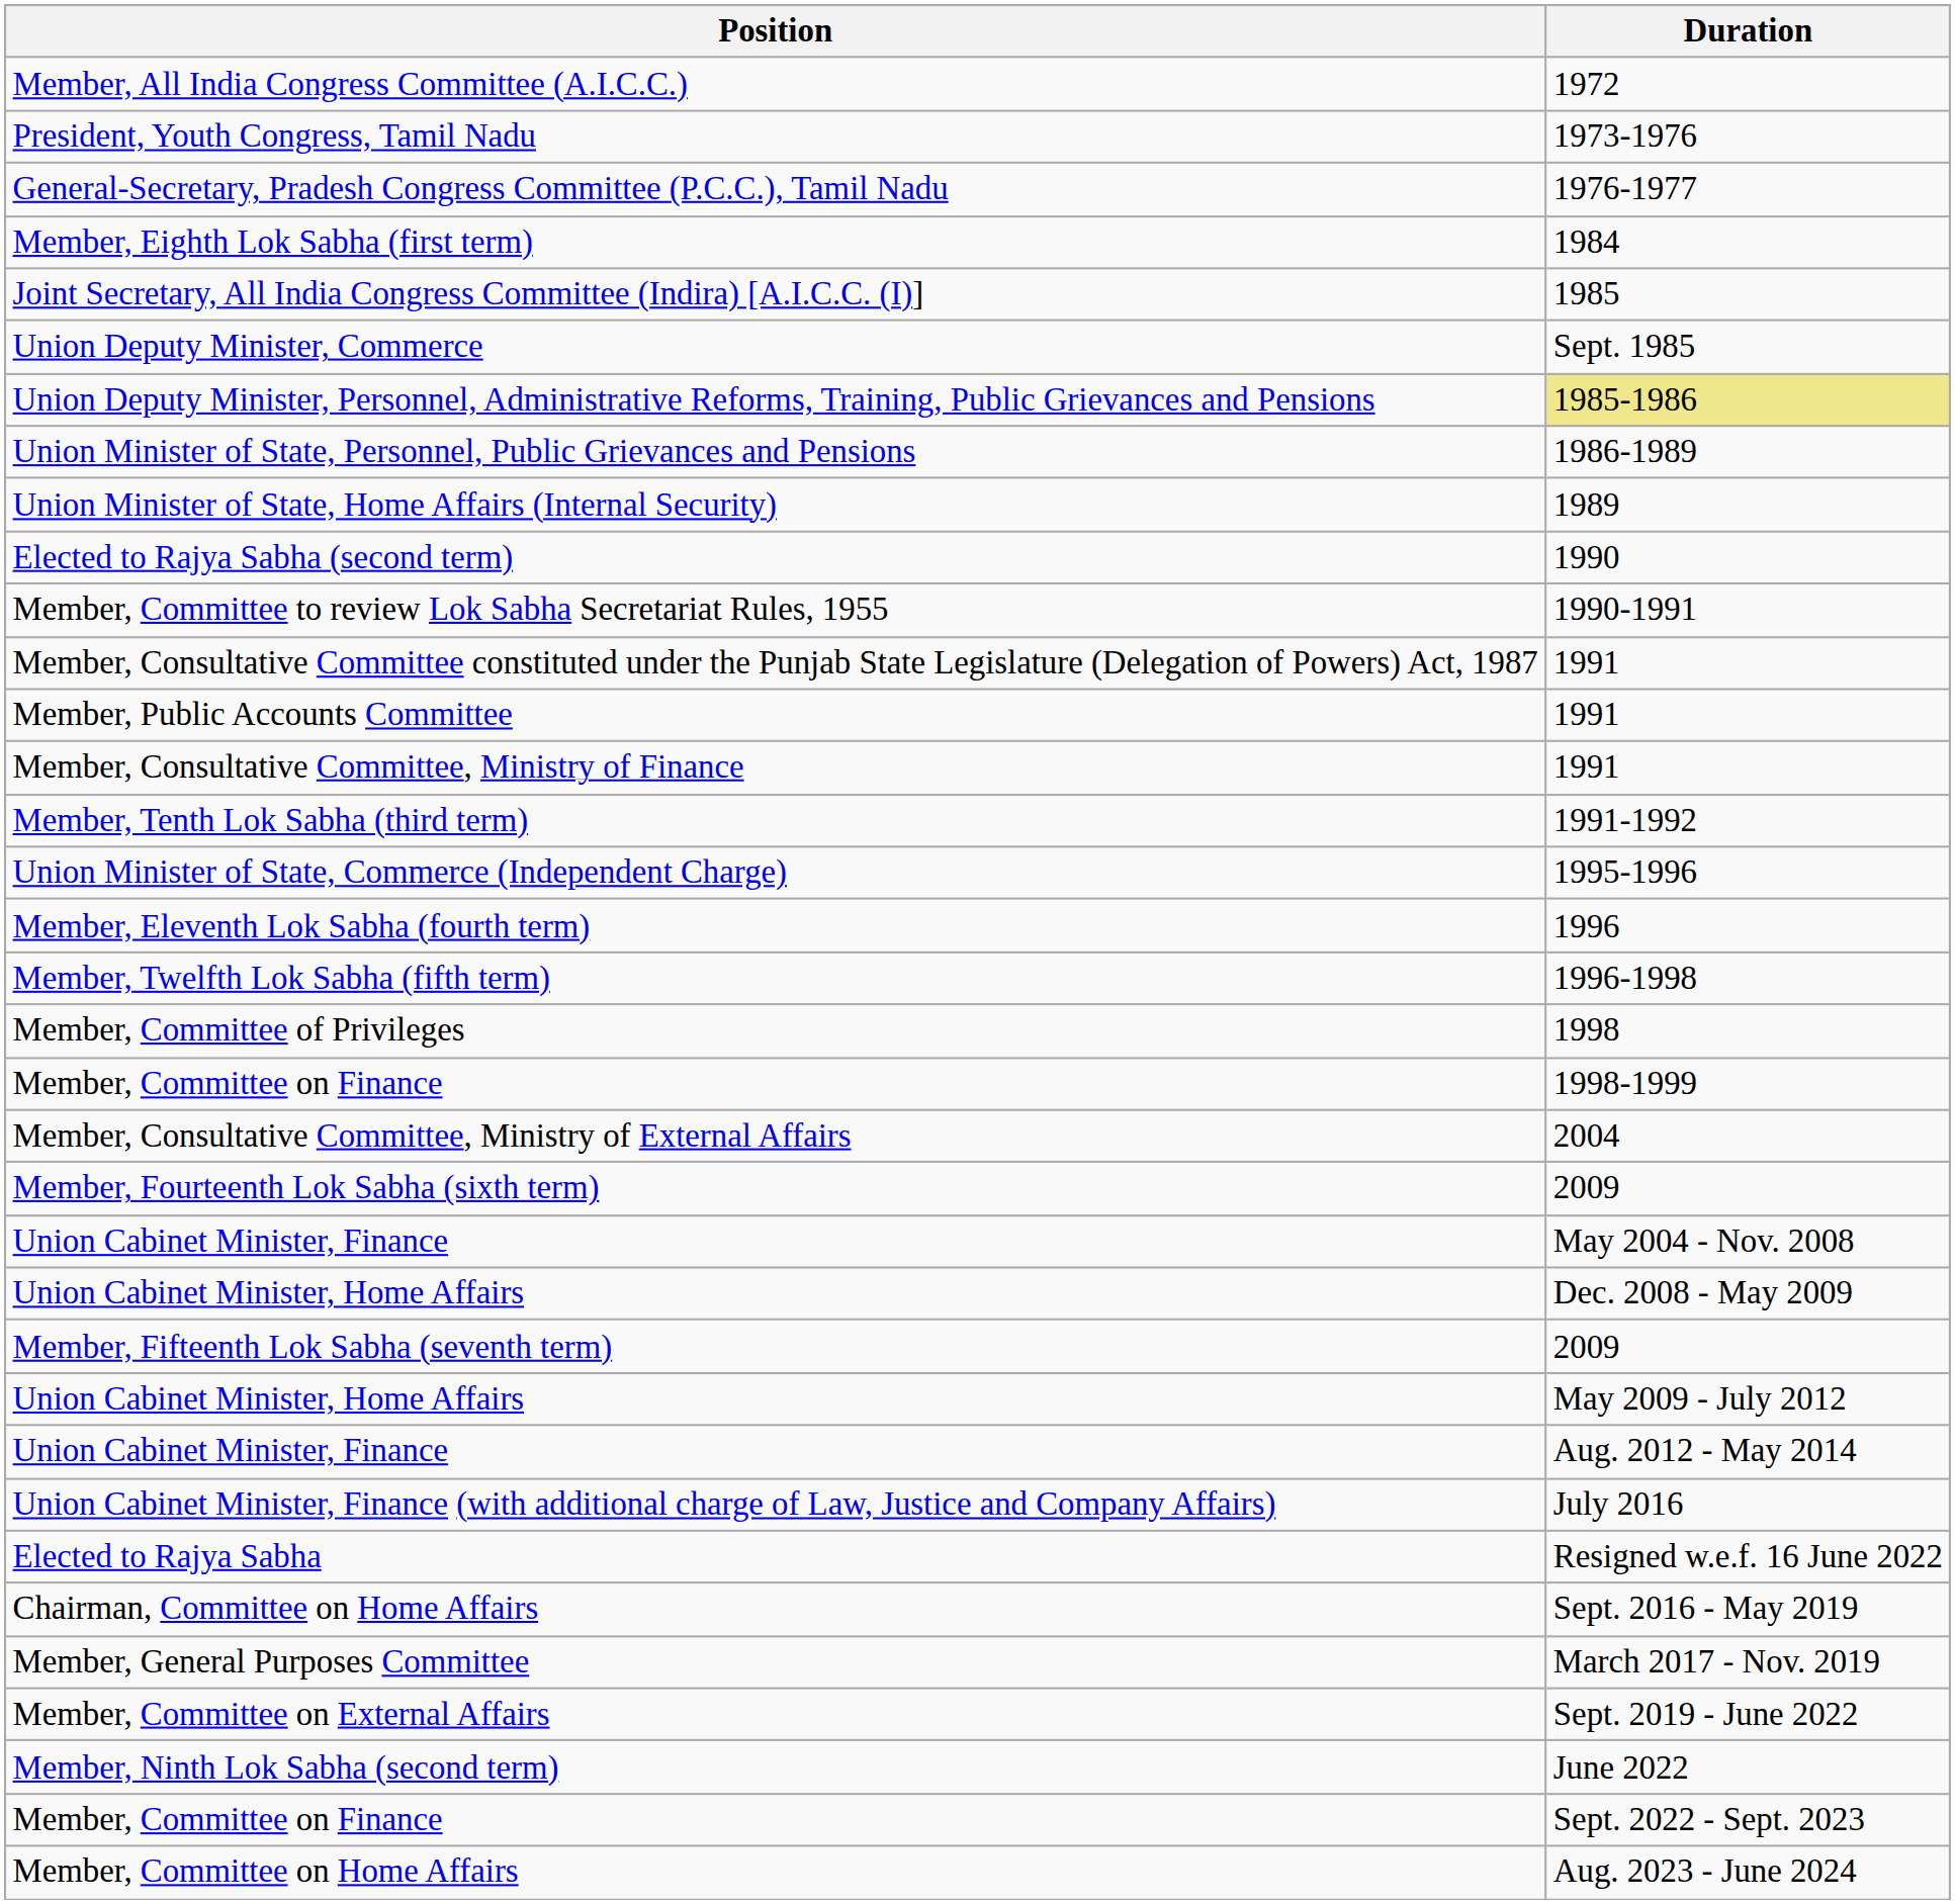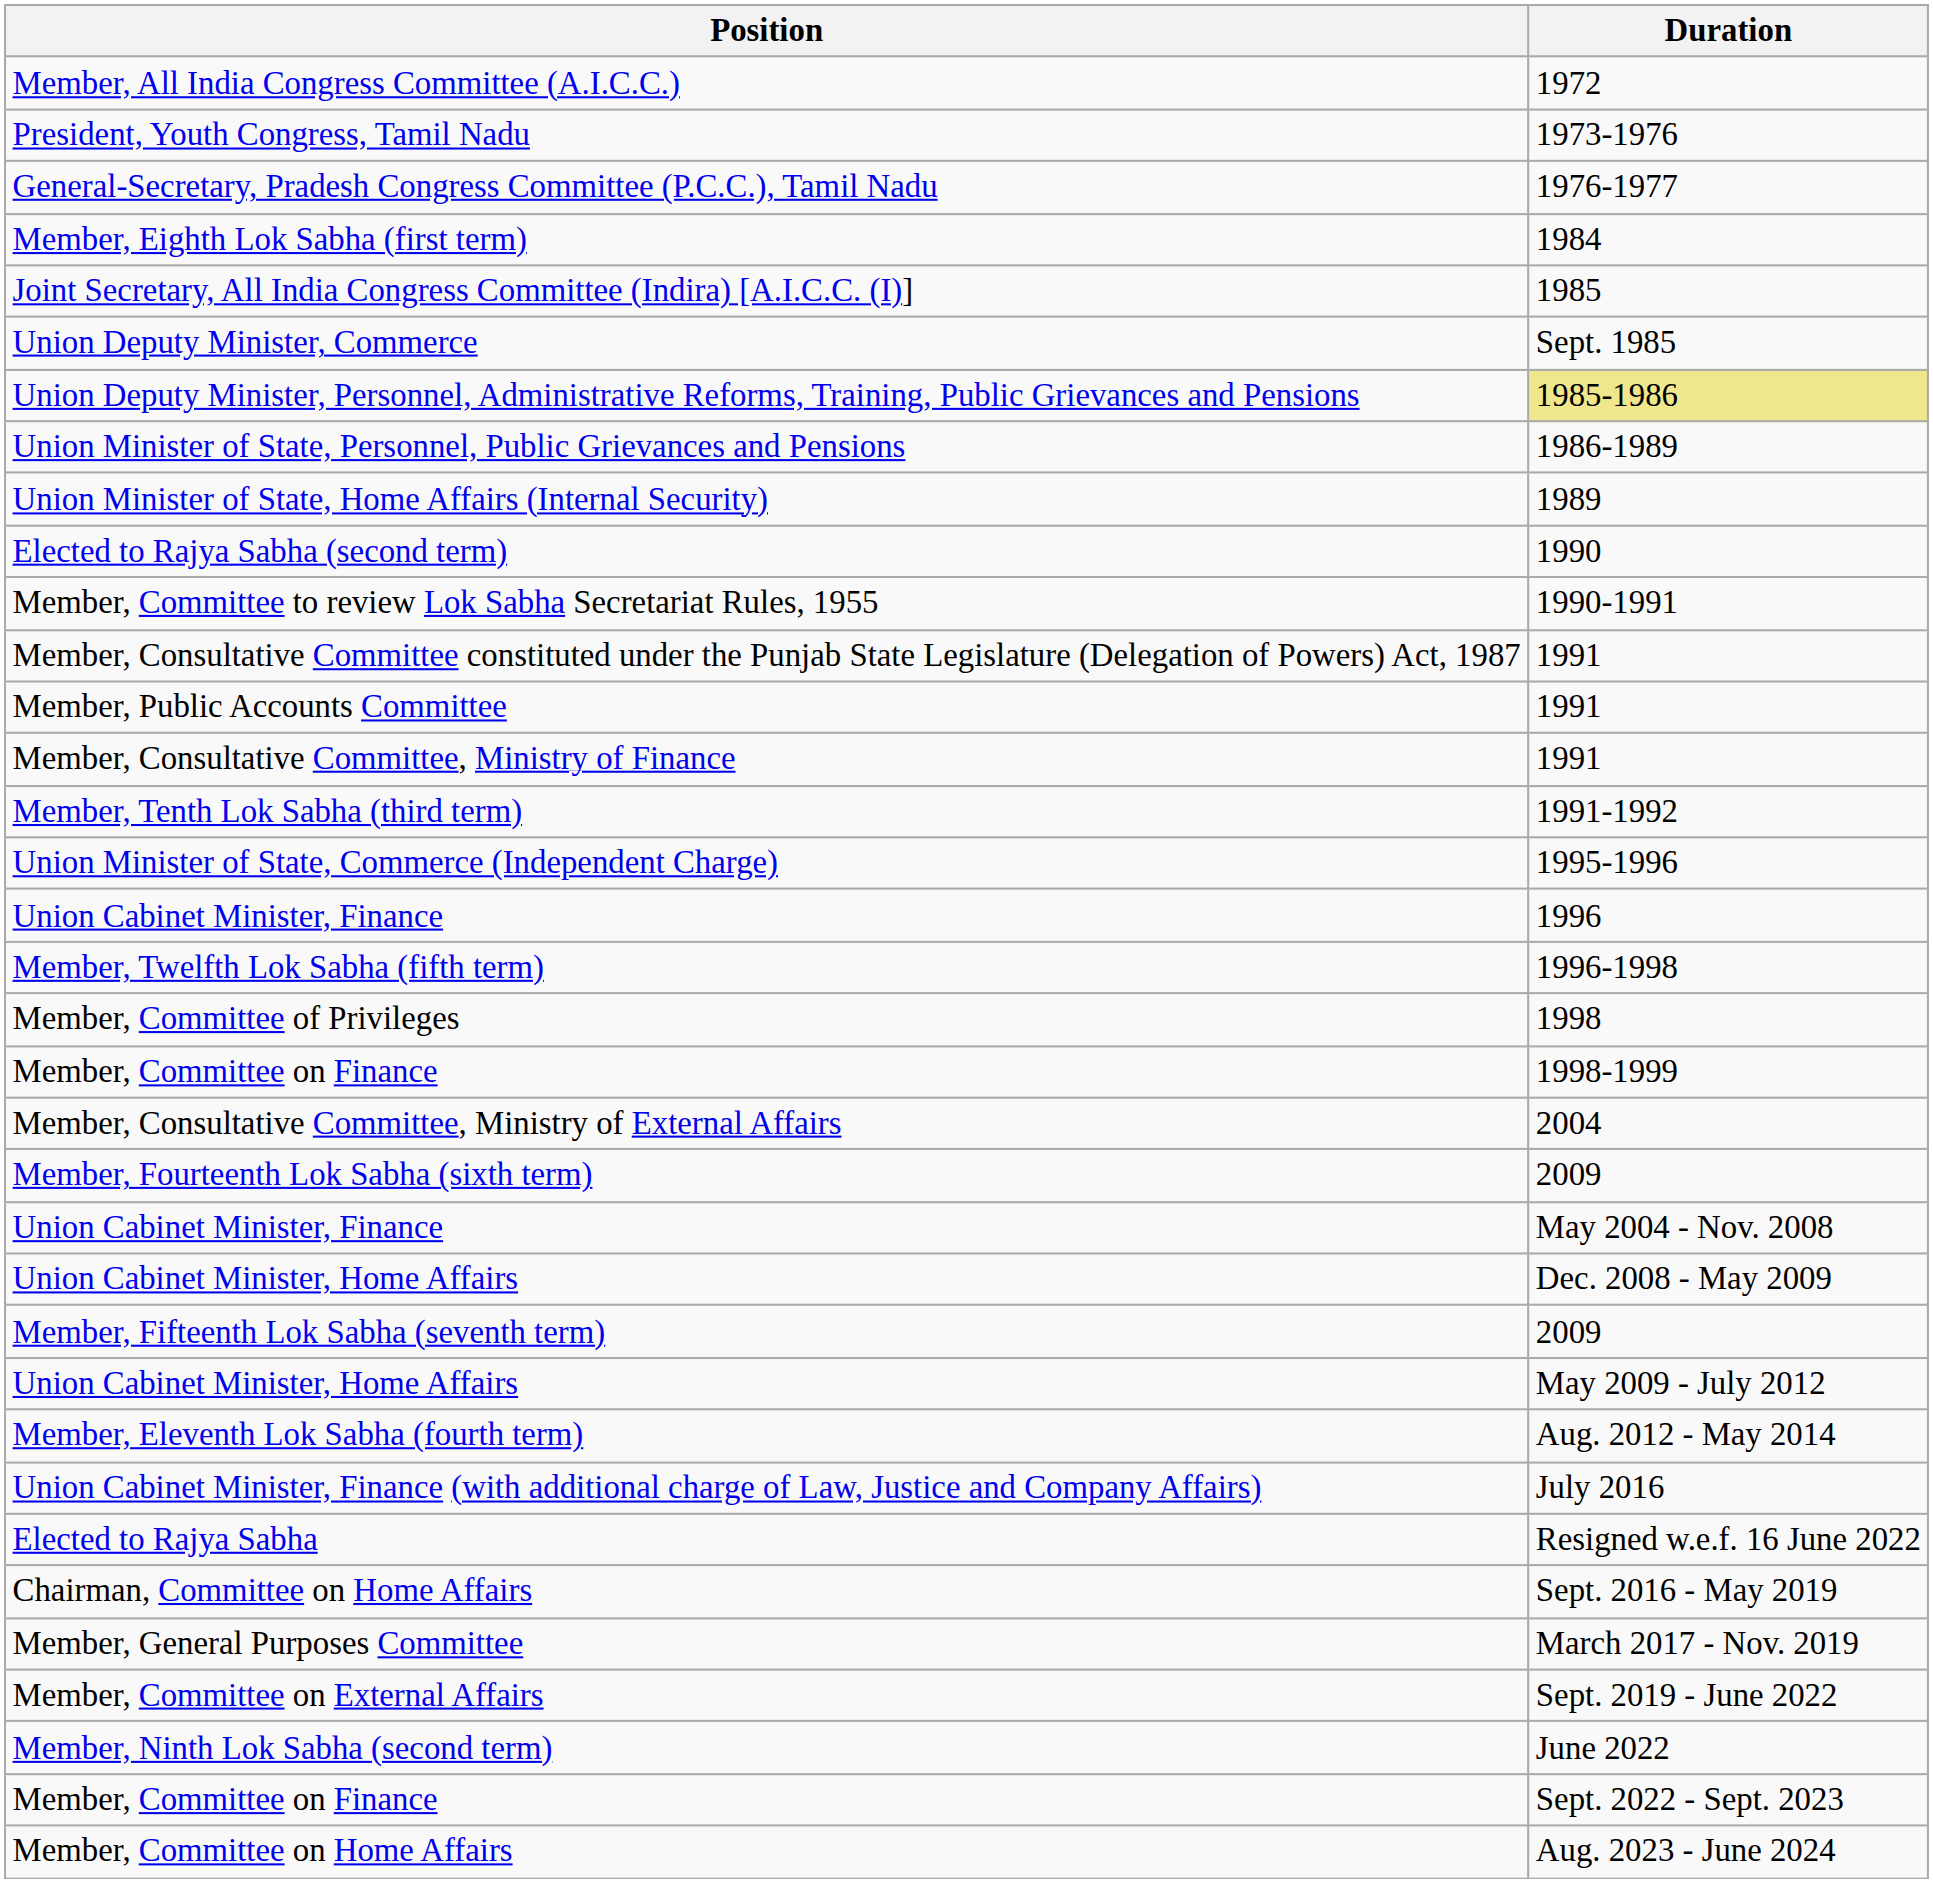 <table class="wikitable">
 <tr>
 <th>Position</th>
 <th>Duration</th>
 </tr>
 <tr>
 <td><a href='#'>Member, All India Congress Committee (A.I.C.C.)</a></td>
 <td>1972</td>
 </tr>
 <tr>
 <td><a href='#'>President, Youth Congress, Tamil Nadu</a></td>
 <td>1973-1976</td>
 </tr>
 <tr>
 <td><a href='#'>General-Secretary, Pradesh Congress Committee (P.C.C.), Tamil Nadu</a></td>
 <td>1976-1977</td>
 </tr>
 <tr>
 <td><a href='#'>Member, Eighth Lok Sabha (first term)</a></td>
 <td>1984</td>
 </tr>
 <tr>
 <td><a href='#'>Joint Secretary, All India Congress Committee (Indira) [A.I.C.C. (I)</a>]</td>
 <td>1985</td>
 </tr>
 <tr>
 <td><a href='#'>Union Deputy Minister, Commerce</a></td>
 <td>Sept. 1985</td>
 </tr>
 <tr>
 <td><a href='#'>Union Deputy Minister, Personnel, Administrative Reforms, Training, Public Grievances and Pensions</a></td>
 <td style="background: khaki;">1985-1986</td>
 </tr>
 <tr>
 <td><a href='#'>Union Minister of State, Personnel, Public Grievances and Pensions</a></td>
 <td>1986-1989</td>
 </tr>
 <tr>
 <td><a href='#'>Union Minister of State, Home Affairs (Internal Security)</a></td>
 <td>1989</td>
 </tr>
 <tr>
 <td><a href='#'>Elected to Rajya Sabha (second term)</a></td>
 <td>1990</td>
 </tr>
 <tr>
 <td>Member, <a href='#'>Committee</a> to review <a href='#'>Lok Sabha</a> Secretariat Rules, 1955</td>
 <td>1990-1991</td>
 </tr>
 <tr>
 <td>Member, Consultative <a href='#'>Committee</a> constituted under the Punjab State Legislature (Delegation of Powers) Act, 1987</td>
 <td>1991</td>
 </tr>
 <tr>
 <td>Member, Public Accounts <a href='#'>Committee</a></td>
 <td>1991</td>
 </tr>
 <tr>
 <td>Member, Consultative <a href='#'>Committee</a>, <a href='#'>Ministry of Finance</a></td>
 <td>1991</td>
 </tr>
 <tr>
 <td><a href='#'>Member, Tenth Lok Sabha (third term)</a></td>
 <td>1991-1992</td>
 </tr>
 <tr>
 <td><a href='#'>Union Minister of State, Commerce (Independent Charge)</a></td>
 <td>1995-1996</td>
 </tr>
 <tr>
-<td><a href='#'>Member, Eleventh Lok Sabha (fourth term)</a></td>
+<td><a href='#'>Union Cabinet Minister, Finance</a></td>
 <td>1996</td>
 </tr>
 <tr>
 <td><a href='#'>Member, Twelfth Lok Sabha (fifth term)</a></td>
 <td>1996-1998</td>
 </tr>
 <tr>
 <td>Member, <a href='#'>Committee</a> of Privileges</td>
 <td>1998</td>
 </tr>
 <tr>
 <td>Member, <a href='#'>Committee</a> on <a href='#'>Finance</a></td>
 <td>1998-1999</td>
 </tr>
 <tr>
 <td>Member, Consultative <a href='#'>Committee</a>, Ministry of <a href='#'>External Affairs</a></td>
 <td>2004</td>
 </tr>
 <tr>
 <td><a href='#'>Member, Fourteenth Lok Sabha (sixth term)</a></td>
 <td>2009</td>
 </tr>
 <tr>
 <td><a href='#'>Union Cabinet Minister, Finance</a></td>
 <td>May 2004 - Nov. 2008</td>
 </tr>
 <tr>
 <td><a href='#'>Union Cabinet Minister, Home Affairs</a></td>
 <td>Dec. 2008 - May 2009</td>
 </tr>
 <tr>
 <td><a href='#'>Member, Fifteenth Lok Sabha (seventh term)</a></td>
 <td>2009</td>
 </tr>
 <tr>
 <td><a href='#'>Union Cabinet Minister, Home Affairs</a></td>
 <td>May 2009 - July 2012</td>
 </tr>
 <tr>
-<td><a href='#'>Union Cabinet Minister, Finance</a></td>
+<td><a href='#'>Member, Eleventh Lok Sabha (fourth term)</a></td>
 <td>Aug. 2012 - May 2014</td>
 </tr>
 <tr>
 <td><a href='#'>Union Cabinet Minister, Finance</a> <a href='#'>(with additional charge of Law, Justice and Company Affairs)</a></td>
 <td>July 2016</td>
 </tr>
 <tr>
 <td><a href='#'>Elected to Rajya Sabha</a></td>
 <td>Resigned w.e.f. 16 June 2022</td>
 </tr>
 <tr>
 <td>Chairman, <a href='#'>Committee</a> on <a href='#'>Home Affairs</a></td>
 <td>Sept. 2016 - May 2019</td>
 </tr>
 <tr>
 <td>Member, General Purposes <a href='#'>Committee</a></td>
 <td>March 2017 - Nov. 2019</td>
 </tr>
 <tr>
 <td>Member, <a href='#'>Committee</a> on <a href='#'>External Affairs</a></td>
 <td>Sept. 2019 - June 2022</td>
 </tr>
 <tr>
 <td><a href='#'>Member, Ninth Lok Sabha (second term)</a></td>
 <td>June 2022</td>
 </tr>
 <tr>
 <td>Member, <a href='#'>Committee</a> on <a href='#'>Finance</a></td>
 <td>Sept. 2022 - Sept. 2023</td>
 </tr>
 <tr>
 <td>Member, <a href='#'>Committee</a> on <a href='#'>Home Affairs</a></td>
 <td>Aug. 2023 - June 2024</td>
 </tr>
 </table>
